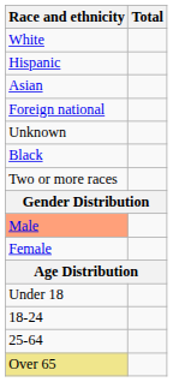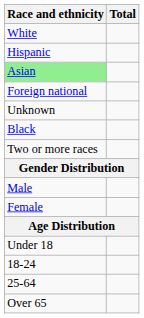 <table class="wikitable floatright sortable collapsible"; text-align:right; font-size:80%;">
 <tr>
 <th>Race and ethnicity</th>
 <th colspan="2" data-sort-type=number>Total</th>
 </tr>
 <tr>
 <td><a href='#'>White</a></td>
 <td align=right></td>
 </tr>
 <tr>
 <td><a href='#'>Hispanic</a></td>
 <td align=right></td>
 </tr>
 <tr>
-<td><a href='#'>Asian</a></td>
+<td style="background: lightgreen;"><a href='#'>Asian</a></td>
 <td align=right></td>
 </tr>
 <tr>
 <td><a href='#'>Foreign national</a></td>
 <td align=right></td>
 </tr>
 <tr>
 <td>Unknown</td>
 <td align=right></td>
 </tr>
 <tr>
 <td><a href='#'>Black</a></td>
 <td align=right></td>
 </tr>
 <tr>
 <td>Two or more races</td>
 <td align=right></td>
 </tr>
 <tr>
 <th colspan="4" data-sort-type=number>Gender Distribution</th>
 </tr>
 <tr>
-<td style="background: lightsalmon;"><a href='#'>Male</a></td>
+<td><a href='#'>Male</a></td>
 <td align=right></td>
 </tr>
 <tr>
 <td><a href='#'>Female</a></td>
 <td align=right></td>
 </tr>
 <tr>
 <th colspan="4" data-sort-type=number>Age Distribution</th>
 </tr>
 <tr>
 <td>Under 18</td>
 <td align=right></td>
 </tr>
 <tr>
 <td>18-24</td>
 <td align=right></td>
 </tr>
 <tr>
 <td>25-64</td>
 <td align=right></td>
 </tr>
 <tr>
-<td style="background: khaki;">Over 65</td>
+<td>Over 65</td>
 <td align=right></td>
 </tr>
 </table>
